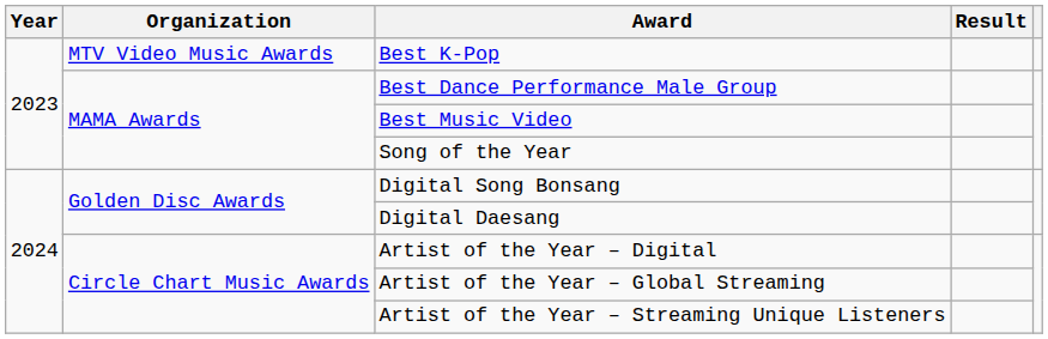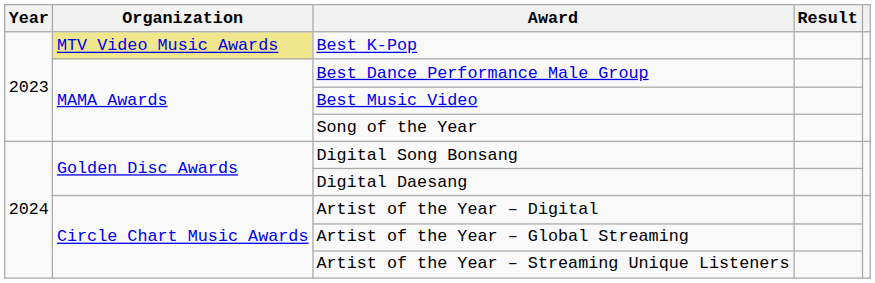 <table class="wikitable sortable plainrowheaders">
 <tr>
 <th scope="col">Year</th>
 <th scope="col">Organization</th>
 <th scope="col">Award</th>
 <th scope="col">Result</th>
 <th class="unsortable"></th>
 </tr>
 <tr>
 <td rowspan="4" align="center">2023</td>
-<td><a href='#'>MTV Video Music Awards</a></td>
+<td style="background: khaki;"><a href='#'>MTV Video Music Awards</a></td>
 <td><a href='#'>Best K-Pop</a></td>
 <td></td>
 <td style="text-align:center"></td>
 </tr>
 <tr>
 <td rowspan="3"><a href='#'>MAMA Awards</a></td>
 <td><a href='#'>Best Dance Performance Male Group</a></td>
 <td></td>
 <td rowspan="3" style="text-align:center"></td>
 </tr>
 <tr>
 <td><a href='#'>Best Music Video</a></td>
 <td></td>
 </tr>
 <tr>
 <td>Song of the Year</td>
 <td></td>
 </tr>
 <tr>
 <td rowspan="5">2024</td>
 <td rowspan="2"><a href='#'>Golden Disc Awards</a></td>
 <td style="text-align:left">Digital Song Bonsang</td>
 <td></td>
 <td rowspan="2" style="text-align:center"></td>
 </tr>
 <tr>
 <td style="text-align:left">Digital Daesang</td>
 <td></td>
 </tr>
 <tr>
 <td rowspan="3"><a href='#'>Circle Chart Music Awards</a></td>
 <td style="text-align:left">Artist of the Year – Digital</td>
 <td></td>
 <td rowspan="3" style="text-align:center"></td>
 </tr>
 <tr>
 <td style="text-align:left">Artist of the Year – Global Streaming</td>
 <td></td>
 </tr>
 <tr>
 <td style="text-align:left">Artist of the Year – Streaming Unique Listeners</td>
 <td></td>
 </tr>
 </table>
